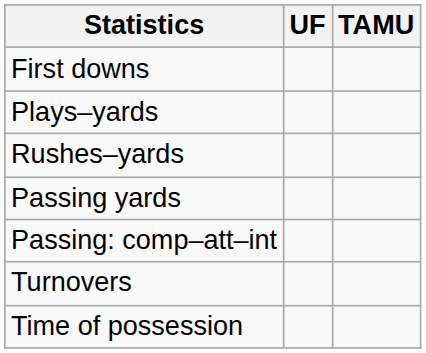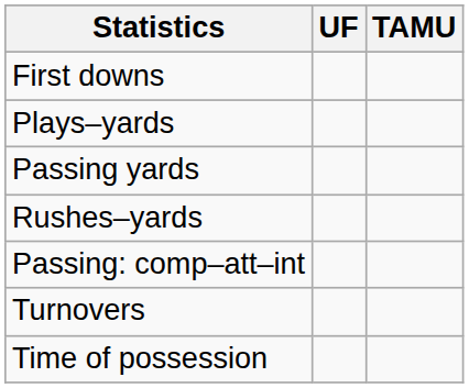 <table class="wikitable" style="float:left">
 <tr>
 <th>Statistics</th>
 <th>UF</th>
 <th>TAMU</th>
 </tr>
 <tr>
 <td>First downs</td>
 <td></td>
 <td></td>
 </tr>
 <tr>
 <td>Plays–yards</td>
 <td></td>
 <td></td>
 </tr>
 <tr>
-<td>Rushes–yards</td>
+<td>Passing yards</td>
 <td></td>
 <td></td>
 </tr>
 <tr>
-<td>Passing yards</td>
+<td>Rushes–yards</td>
 <td></td>
 <td></td>
 </tr>
 <tr>
 <td>Passing: comp–att–int</td>
 <td></td>
 <td></td>
 </tr>
 <tr>
 <td>Turnovers</td>
 <td></td>
 <td></td>
 </tr>
 <tr>
 <td>Time of possession</td>
 <td></td>
 <td></td>
 </tr>
 </table>
